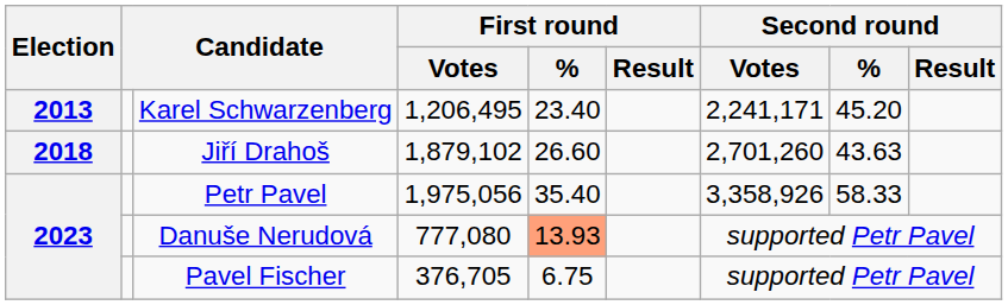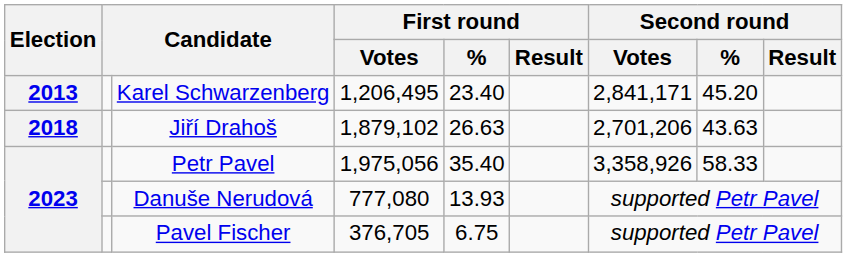 <table class="wikitable" style="text-align: center;">
 <tr>
 <th rowspan=2>Election</th>
 <th rowspan=2 colspan=2>Candidate</th>
 <th colspan=3>First round</th>
 <th colspan=3>Second round</th>
 </tr>
 <tr>
 <th>Votes</th>
 <th>%</th>
 <th>Result</th>
 <th>Votes</th>
 <th>%</th>
 <th>Result</th>
 </tr>
 <tr>
 <th><a href='#'>2013</a></th>
 <td style="background-color: "></td>
 <td><a href='#'>Karel Schwarzenberg</a></td>
 <td>1,206,495</td>
 <td>23.40</td>
 <td></td>
-<td>2,241,171</td>
+<td>2,841,171</td>
 <td>45.20</td>
 <td></td>
 </tr>
 <tr>
 <th><a href='#'>2018</a></th>
 <td style="background-color: "></td>
 <td><a href='#'>Jiří Drahoš</a></td>
 <td>1,879,102</td>
-<td>26.60</td>
+<td>26.63</td>
 <td></td>
-<td>2,701,260</td>
+<td>2,701,206</td>
 <td>43.63</td>
 <td></td>
 </tr>
 <tr>
 <th rowspan=3><a href='#'>2023</a></th>
 <td style="background-color: "></td>
 <td><a href='#'>Petr Pavel</a></td>
 <td>1,975,056</td>
 <td>35.40</td>
 <td></td>
 <td>3,358,926</td>
 <td>58.33</td>
 <td></td>
 </tr>
 <tr>
 <td style="background-color: "></td>
 <td><a href='#'>Danuše Nerudová</a></td>
 <td>777,080</td>
-<td style="background: lightsalmon;">13.93</td>
+<td>13.93</td>
 <td></td>
 <td colspan=3 align=center><em>supported <a href='#'>Petr Pavel</a></em></td>
 </tr>
 <tr>
 <td style="background-color: "></td>
 <td><a href='#'>Pavel Fischer</a></td>
 <td>376,705</td>
 <td>6.75</td>
 <td></td>
 <td colspan=3 align=center><em>supported <a href='#'>Petr Pavel</a></em></td>
 </tr>
 </table>
